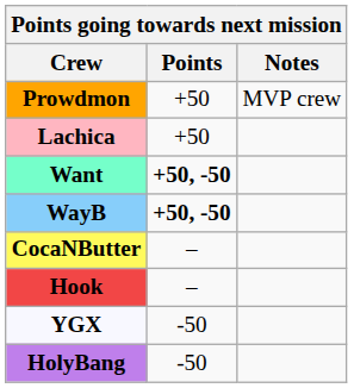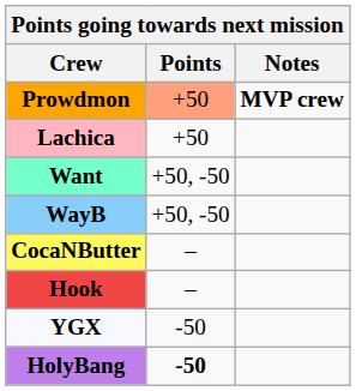 <table class="wikitable mw-collapsible mw-collapsed"  style="text-align:center; font-size:90%">
 <tr>
 <th colspan="4">Points going towards next mission</th>
 </tr>
 <tr style="background:#f2f2f2;">
 <th scope="col">Crew</th>
 <th scope="col">Points</th>
 <th scope="col">Notes</th>
 </tr>
 <tr>
 <td style="background:orange"><strong>Prowdmon</strong></td>
-<td>+50</td>
-<td>MVP crew</td>
+<td style="background: lightsalmon;">+50</td>
+<td><strong>MVP crew</strong></td>
 </tr>
 <tr>
 <td style="background:#FFB6C1"><strong>Lachica</strong></td>
 <td>+50</td>
 <td></td>
 </tr>
 <tr>
 <td style="background:#75FFCA"><strong>Want</strong></td>
-<td><strong>+50, -50</strong></td>
+<td>+50, -50</td>
 <td></td>
 </tr>
 <tr>
 <td style="background:#87CEFA"><strong>WayB</strong></td>
-<td><strong>+50, -50</strong></td>
+<td>+50, -50</td>
 <td></td>
 </tr>
 <tr>
 <td style="background:#FFFA5C"><strong>CocaNButter</strong></td>
 <td>–</td>
 <td></td>
 </tr>
 <tr>
 <td style="background:#F24646"><strong>Hook</strong></td>
 <td>–</td>
 <td></td>
 </tr>
 <tr>
 <td style="background:#F8F8FF"><strong>YGX</strong></td>
 <td>-50</td>
 <td></td>
 </tr>
 <tr>
 <td style="background:#BF7FEB"><strong>HolyBang</strong></td>
-<td>-50</td>
+<td><strong>-50</strong></td>
 <td></td>
 </tr>
 </table>
